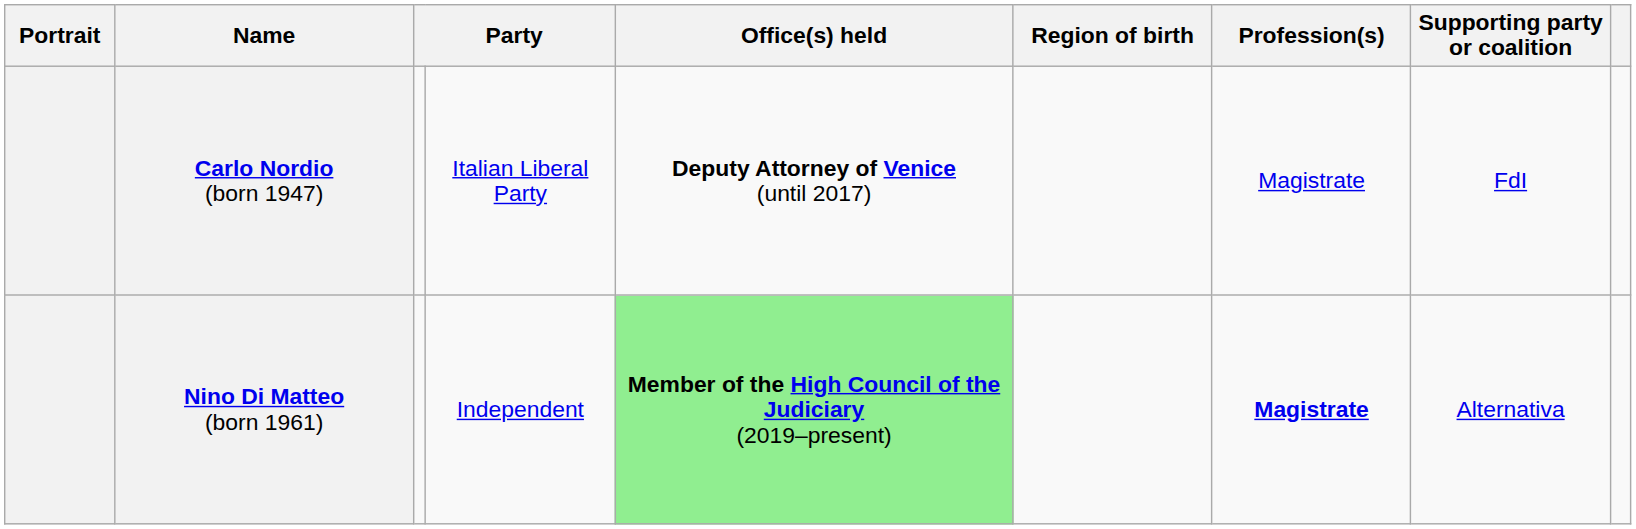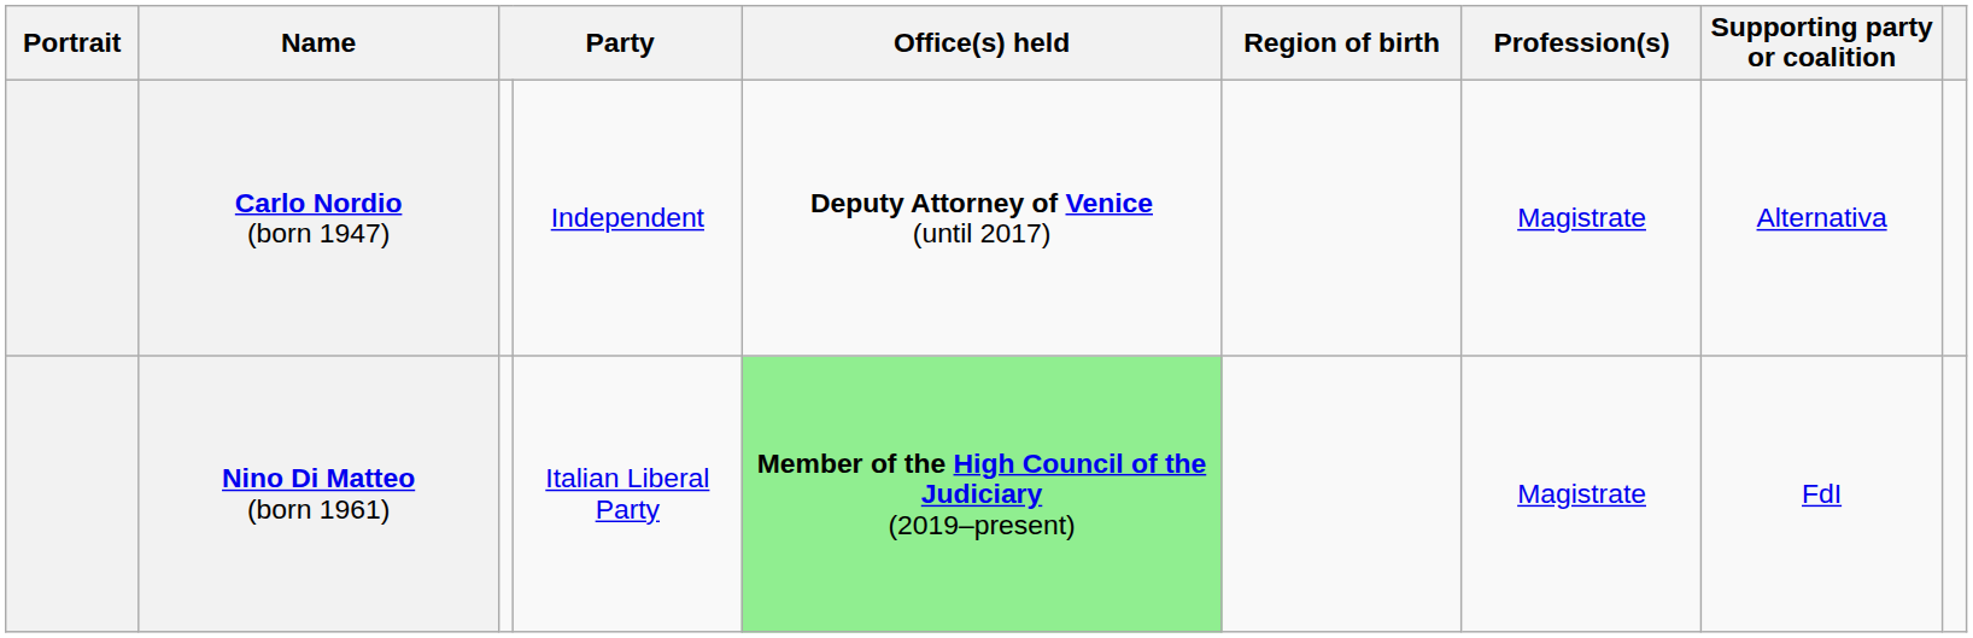 <table class="wikitable" style="text-align:center; style=" width="90%">
 <tr>
 <th width="5%">Portrait</th>
 <th width="15%">Name</th>
 <th colspan="2" width=10%>Party</th>
 <th width="20%">Office(s) held</th>
 <th width="10%">Region of birth</th>
 <th width="10%">Profession(s)</th>
 <th width="10%">Supporting party or coalition</th>
 <th width="1%"></th>
 </tr>
 <tr style="height:10em;">
 <th></th>
 <th style="font-weight:normal"><strong><a href='#'>Carlo Nordio</a></strong><br>(born 1947)</th>
 <td style="background-color:"></td>
-<td><a href='#'>Italian Liberal Party</a></td>
+<td><a href='#'>Independent</a></td>
 <td><strong>Deputy Attorney of <a href='#'>Venice</a></strong><br>(until 2017)<br></td>
 <td></td>
 <td><a href='#'>Magistrate</a></td>
-<td><a href='#'>FdI</a></td>
+<td><a href='#'>Alternativa</a></td>
 <td></td>
 </tr>
 <tr style="height:10em;">
 <th></th>
 <th style="font-weight:normal"><strong><a href='#'>Nino Di Matteo</a></strong><br>(born 1961)</th>
 <td style="background-color:"></td>
-<td><a href='#'>Independent</a></td>
+<td><a href='#'>Italian Liberal Party</a></td>
 <td style="background: lightgreen;"><strong>Member of the <a href='#'>High Council of the Judiciary</a></strong><br>(2019–present)<br></td>
 <td></td>
-<td><strong><a href='#'>Magistrate</a></strong></td>
-<td><a href='#'>Alternativa</a></td>
+<td><a href='#'>Magistrate</a></td>
+<td><a href='#'>FdI</a></td>
 <td></td>
 </tr>
 </table>
